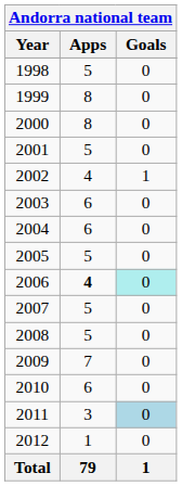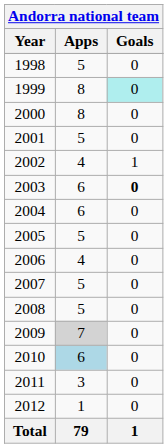 <table class="wikitable" style="text-align:center">
 <tr>
 <th colspan=3><a href='#'>Andorra national team</a></th>
 </tr>
 <tr>
 <th>Year</th>
 <th>Apps</th>
 <th>Goals</th>
 </tr>
 <tr>
 </tr>
 <tr>
 <td>1998</td>
 <td>5</td>
 <td>0</td>
 </tr>
 <tr>
 <td>1999</td>
 <td>8</td>
-<td>0</td>
+<td style="background: paleturquoise;">0</td>
 </tr>
 <tr>
 <td>2000</td>
 <td>8</td>
 <td>0</td>
 </tr>
 <tr>
 <td>2001</td>
 <td>5</td>
 <td>0</td>
 </tr>
 <tr>
 <td>2002</td>
 <td>4</td>
 <td>1</td>
 </tr>
 <tr>
 <td>2003</td>
 <td>6</td>
-<td>0</td>
+<td><strong>0</strong></td>
 </tr>
 <tr>
 <td>2004</td>
 <td>6</td>
 <td>0</td>
 </tr>
 <tr>
 <td>2005</td>
 <td>5</td>
 <td>0</td>
 </tr>
 <tr>
 <td>2006</td>
-<td><strong>4</strong></td>
-<td style="background: paleturquoise;">0</td>
+<td>4</td>
+<td>0</td>
 </tr>
 <tr>
 <td>2007</td>
 <td>5</td>
 <td>0</td>
 </tr>
 <tr>
 <td>2008</td>
 <td>5</td>
 <td>0</td>
 </tr>
 <tr>
 <td>2009</td>
-<td>7</td>
+<td style="background: lightgrey;">7</td>
 <td>0</td>
 </tr>
 <tr>
 <td>2010</td>
-<td>6</td>
+<td style="background: lightblue;">6</td>
 <td>0</td>
 </tr>
 <tr>
 <td>2011</td>
 <td>3</td>
-<td style="background: lightblue;">0</td>
+<td>0</td>
 </tr>
 <tr>
 <td>2012</td>
 <td>1</td>
 <td>0</td>
 </tr>
 <tr>
 <th>Total</th>
 <th>79</th>
 <th>1</th>
 </tr>
 </table>
